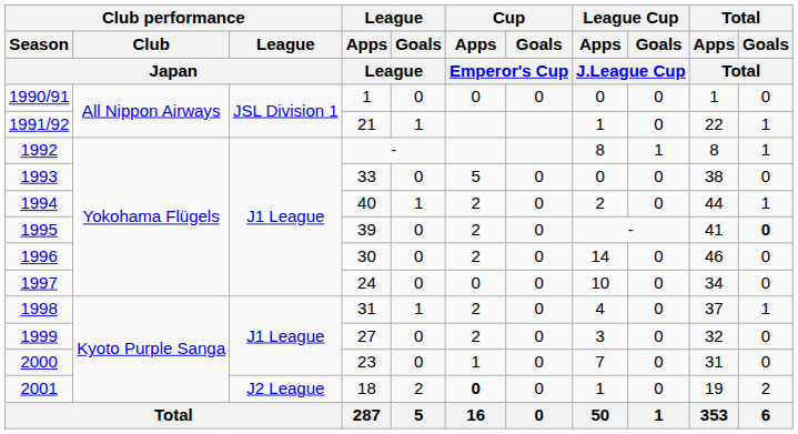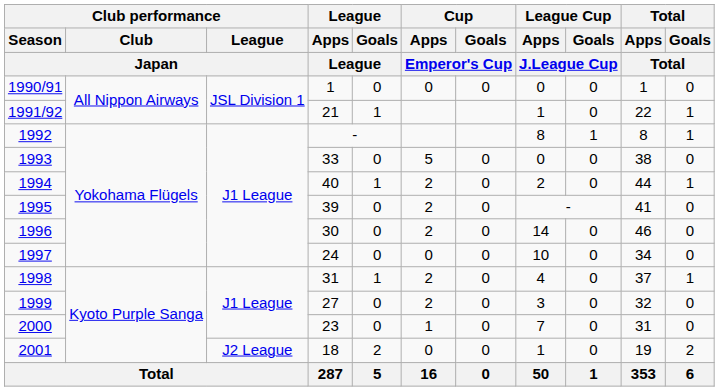 <table class="wikitable" style="text-align:center;">
 <tr>
 <th colspan=3>Club performance</th>
 <th colspan=2>League</th>
 <th colspan=2>Cup</th>
 <th colspan=2>League Cup</th>
 <th colspan=2>Total</th>
 </tr>
 <tr>
 <th>Season</th>
 <th>Club</th>
 <th>League</th>
 <th>Apps</th>
 <th>Goals</th>
 <th>Apps</th>
 <th>Goals</th>
 <th>Apps</th>
 <th>Goals</th>
 <th>Apps</th>
 <th>Goals</th>
 </tr>
 <tr>
 <th colspan=3>Japan</th>
 <th colspan=2>League</th>
 <th colspan=2><a href='#'>Emperor's Cup</a></th>
 <th colspan=2><a href='#'>J.League Cup</a></th>
 <th colspan=2>Total</th>
 </tr>
 <tr>
 <td><a href='#'>1990/91</a></td>
 <td rowspan="2"><a href='#'>All Nippon Airways</a></td>
 <td rowspan="2"><a href='#'>JSL Division 1</a></td>
 <td>1</td>
 <td>0</td>
 <td>0</td>
 <td>0</td>
 <td>0</td>
 <td>0</td>
 <td>1</td>
 <td>0</td>
 </tr>
 <tr>
 <td><a href='#'>1991/92</a></td>
 <td>21</td>
 <td>1</td>
 <td></td>
 <td></td>
 <td>1</td>
 <td>0</td>
 <td>22</td>
 <td>1</td>
 </tr>
 <tr>
 <td><a href='#'>1992</a></td>
 <td rowspan="6"><a href='#'>Yokohama Flügels</a></td>
 <td rowspan="6"><a href='#'>J1 League</a></td>
 <td colspan="2">-</td>
 <td></td>
 <td></td>
 <td>8</td>
 <td>1</td>
 <td>8</td>
 <td>1</td>
 </tr>
 <tr>
 <td><a href='#'>1993</a></td>
 <td>33</td>
 <td>0</td>
 <td>5</td>
 <td>0</td>
 <td>0</td>
 <td>0</td>
 <td>38</td>
 <td>0</td>
 </tr>
 <tr>
 <td><a href='#'>1994</a></td>
 <td>40</td>
 <td>1</td>
 <td>2</td>
 <td>0</td>
 <td>2</td>
 <td>0</td>
 <td>44</td>
 <td>1</td>
 </tr>
 <tr>
 <td><a href='#'>1995</a></td>
 <td>39</td>
 <td>0</td>
 <td>2</td>
 <td>0</td>
 <td colspan="2">-</td>
 <td>41</td>
-<td><strong>0</strong></td>
+<td>0</td>
 </tr>
 <tr>
 <td><a href='#'>1996</a></td>
 <td>30</td>
 <td>0</td>
 <td>2</td>
 <td>0</td>
 <td>14</td>
 <td>0</td>
 <td>46</td>
 <td>0</td>
 </tr>
 <tr>
 <td><a href='#'>1997</a></td>
 <td>24</td>
 <td>0</td>
 <td>0</td>
 <td>0</td>
 <td>10</td>
 <td>0</td>
 <td>34</td>
 <td>0</td>
 </tr>
 <tr>
 <td><a href='#'>1998</a></td>
 <td rowspan="4"><a href='#'>Kyoto Purple Sanga</a></td>
 <td rowspan="3"><a href='#'>J1 League</a></td>
 <td>31</td>
 <td>1</td>
 <td>2</td>
 <td>0</td>
 <td>4</td>
 <td>0</td>
 <td>37</td>
 <td>1</td>
 </tr>
 <tr>
 <td><a href='#'>1999</a></td>
 <td>27</td>
 <td>0</td>
 <td>2</td>
 <td>0</td>
 <td>3</td>
 <td>0</td>
 <td>32</td>
 <td>0</td>
 </tr>
 <tr>
 <td><a href='#'>2000</a></td>
 <td>23</td>
 <td>0</td>
 <td>1</td>
 <td>0</td>
 <td>7</td>
 <td>0</td>
 <td>31</td>
 <td>0</td>
 </tr>
 <tr>
 <td><a href='#'>2001</a></td>
 <td><a href='#'>J2 League</a></td>
 <td>18</td>
 <td>2</td>
-<td><strong>0</strong></td>
+<td>0</td>
 <td>0</td>
 <td>1</td>
 <td>0</td>
 <td>19</td>
 <td>2</td>
 </tr>
 <tr>
 <th colspan=3>Total</th>
 <th>287</th>
 <th>5</th>
 <th>16</th>
 <th>0</th>
 <th>50</th>
 <th>1</th>
 <th>353</th>
 <th>6</th>
 </tr>
 </table>
